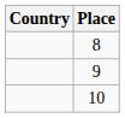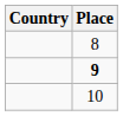 <table class="wikitable sortable" style="text-align:center">
 <tr>
 <th>Country</th>
 <th>Place</th>
 </tr>
 <tr>
 <td align=left></td>
 <td>8</td>
 </tr>
 <tr>
 <td align=left></td>
-<td>9</td>
+<td><strong>9</strong></td>
 </tr>
 <tr>
 <td align=left></td>
 <td>10</td>
 </tr>
 </table>
